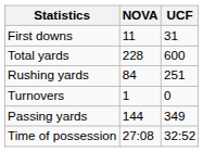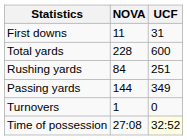 <table class="wikitable" style="float: left;">
 <tr>
 <th>Statistics</th>
 <th>NOVA</th>
 <th>UCF</th>
 </tr>
 <tr>
 <td>First downs</td>
 <td>11</td>
 <td>31</td>
 </tr>
 <tr>
 <td>Total yards</td>
 <td>228</td>
 <td>600</td>
 </tr>
 <tr>
 <td>Rushing yards</td>
 <td>84</td>
 <td>251</td>
 </tr>
 <tr>
+<td>Passing yards</td>
+<td>144</td>
+<td>349</td>
+</tr>
+<tr>
 <td>Turnovers</td>
 <td>1</td>
 <td>0</td>
 </tr>
 <tr>
-<td>Passing yards</td>
-<td>144</td>
-<td>349</td>
-</tr>
-<tr>
 <td>Time of possession</td>
 <td>27:08</td>
-<td>32:52</td>
+<td style="background: lightyellow;">32:52</td>
 </tr>
 </table>
